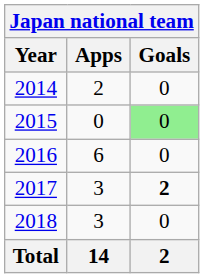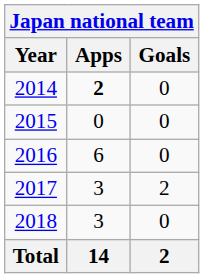 <table class="wikitable" style="text-align:center">
 <tr>
 <th colspan=3><a href='#'>Japan national team</a></th>
 </tr>
 <tr>
 <th>Year</th>
 <th>Apps</th>
 <th>Goals</th>
 </tr>
 <tr>
 <td><a href='#'>2014</a></td>
-<td>2</td>
+<td><strong>2</strong></td>
 <td>0</td>
 </tr>
 <tr>
 <td><a href='#'>2015</a></td>
 <td>0</td>
-<td style="background: lightgreen;">0</td>
+<td>0</td>
 </tr>
 <tr>
 <td><a href='#'>2016</a></td>
 <td>6</td>
 <td>0</td>
 </tr>
 <tr>
 <td><a href='#'>2017</a></td>
 <td>3</td>
-<td><strong>2</strong></td>
+<td>2</td>
 </tr>
 <tr>
 <td><a href='#'>2018</a></td>
 <td>3</td>
 <td>0</td>
 </tr>
 <tr>
 <th>Total</th>
 <th>14</th>
 <th>2</th>
 </tr>
 </table>
